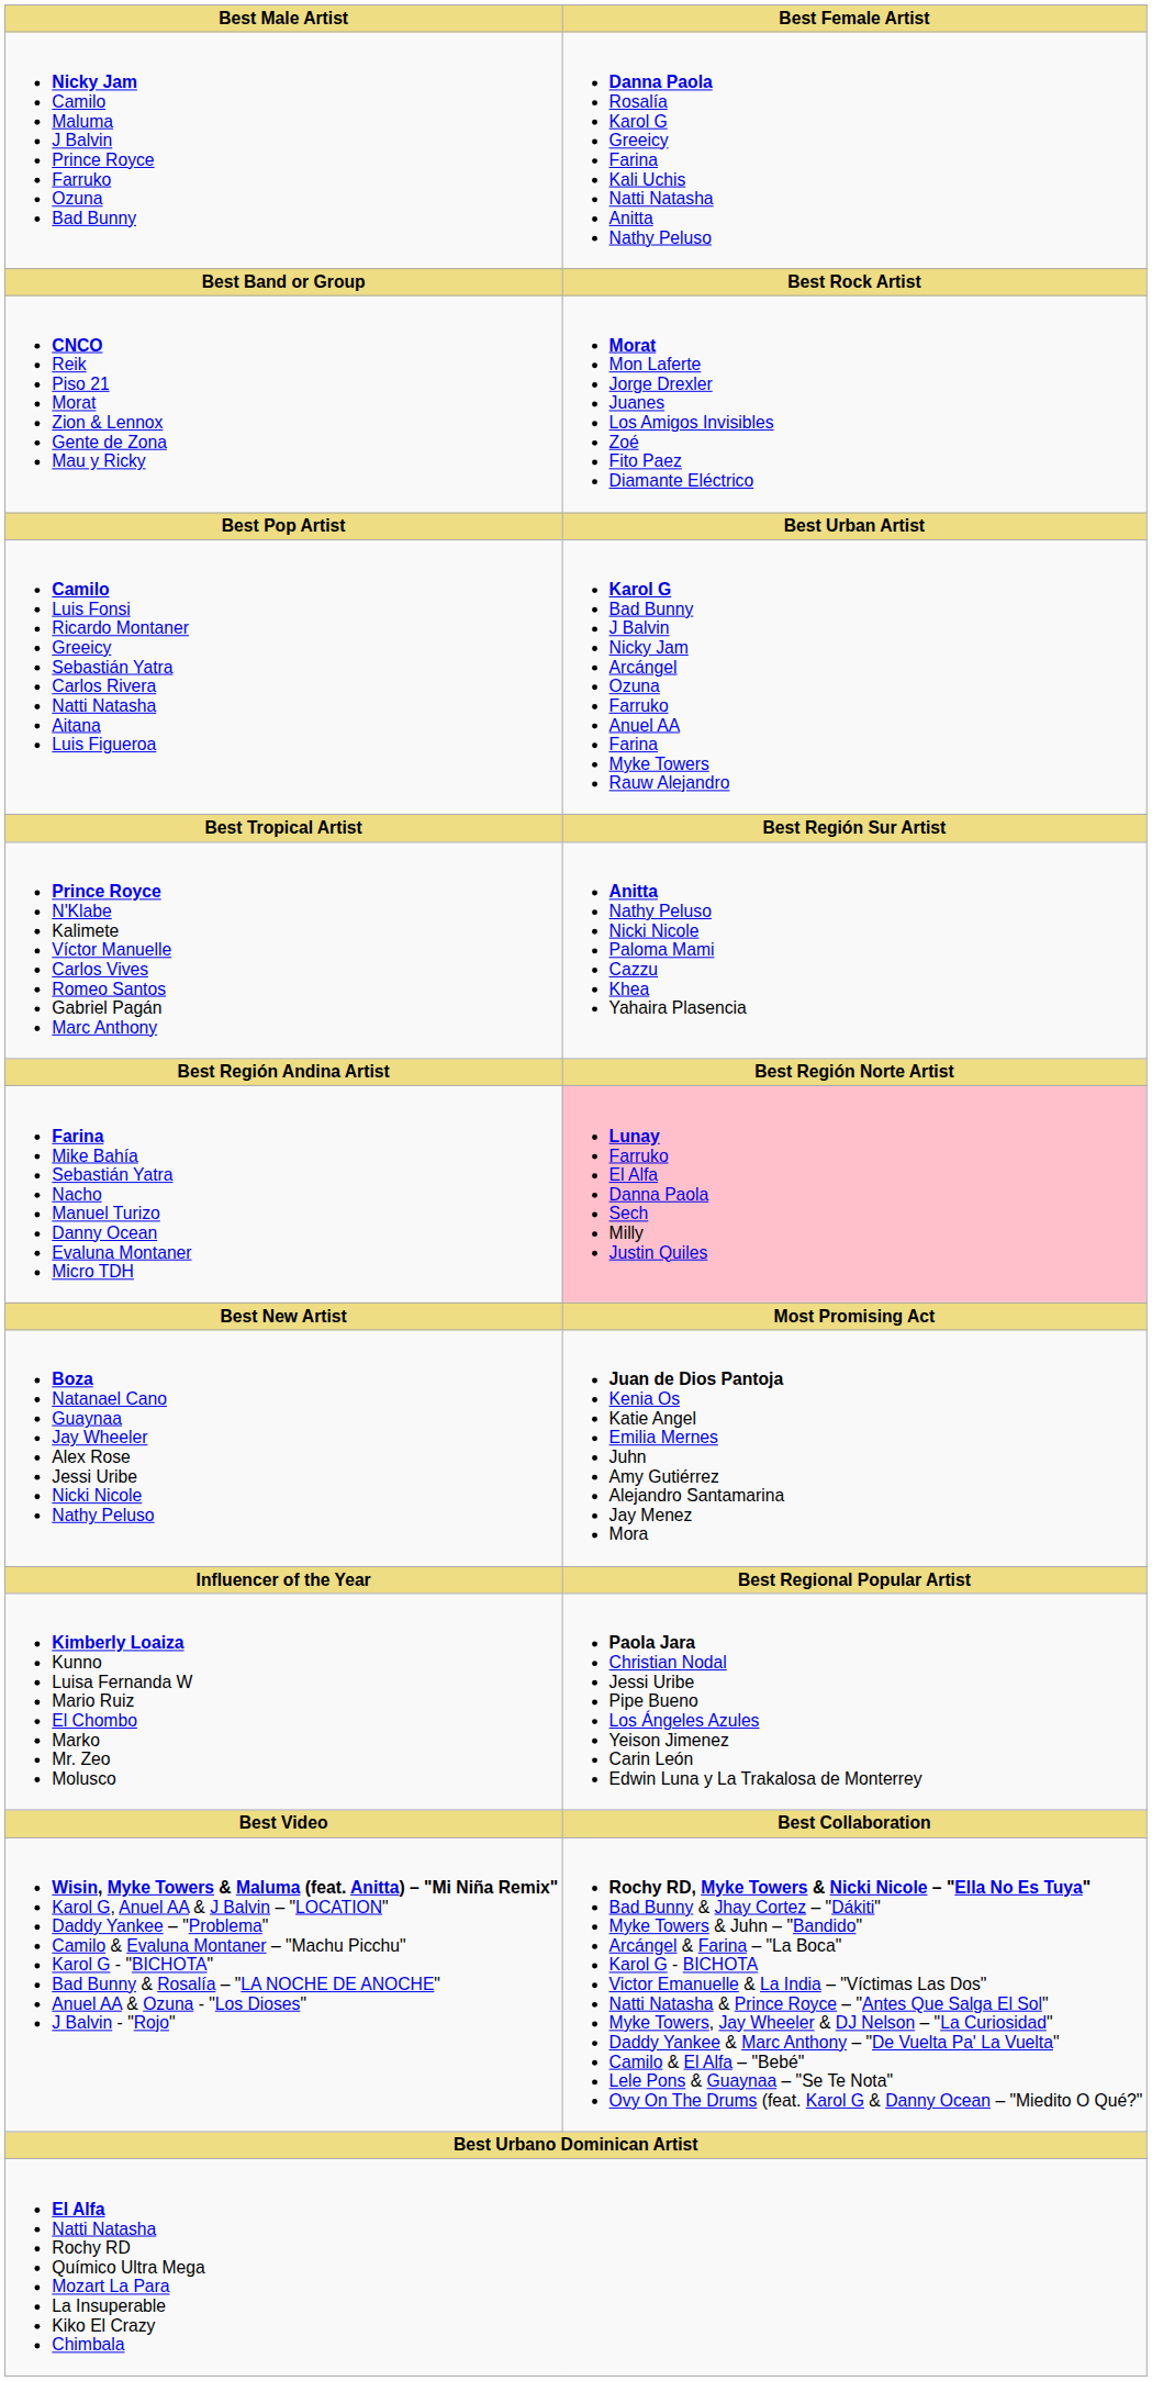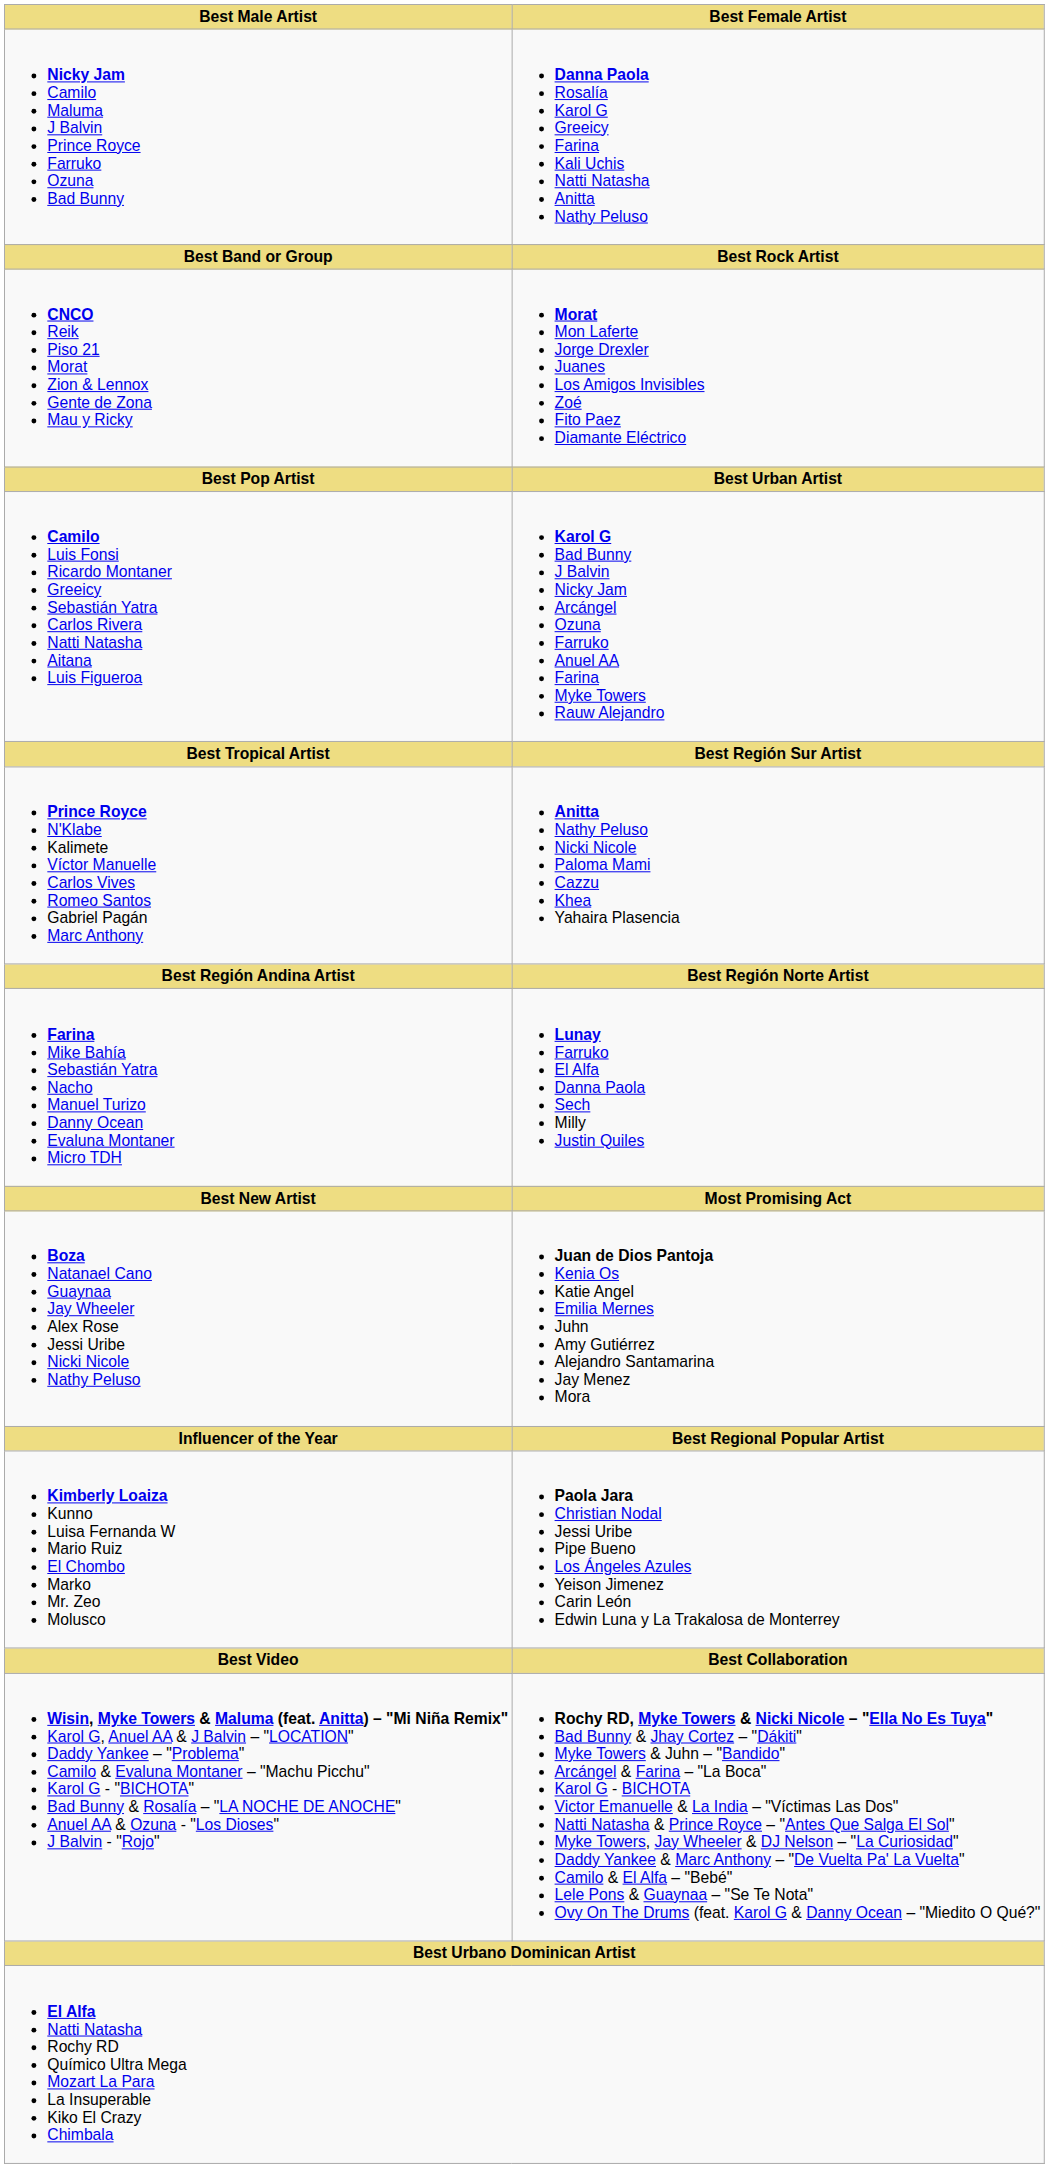 <table class=wikitable>
 <tr>
 <th style="background:#EEDD82; width=50%">Best Male Artist</th>
 <th style="background:#EEDD82; width=50%">Best Female Artist</th>
 </tr>
 <tr>
 <td valign="top"><br><ul><li><strong><a href='#'>Nicky Jam</a></strong></li><li><a href='#'>Camilo</a></li><li><a href='#'>Maluma</a></li><li><a href='#'>J Balvin</a></li><li><a href='#'>Prince Royce</a></li><li><a href='#'>Farruko</a></li><li><a href='#'>Ozuna</a></li><li><a href='#'>Bad Bunny</a></li></ul></td>
 <td valign="top"><br><ul><li><strong><a href='#'>Danna Paola</a></strong></li><li><a href='#'>Rosalía</a></li><li><a href='#'>Karol G</a></li><li><a href='#'>Greeicy</a></li><li><a href='#'>Farina</a></li><li><a href='#'>Kali Uchis</a></li><li><a href='#'>Natti Natasha</a></li><li><a href='#'>Anitta</a></li><li><a href='#'>Nathy Peluso</a></li></ul></td>
 </tr>
 <tr>
 <th style="background:#EEDD82; width=50%">Best Band or Group</th>
 <th style="background:#EEDD82; width=50%">Best Rock Artist</th>
 </tr>
 <tr>
 <td valign="top"><br><ul><li><strong><a href='#'>CNCO</a></strong></li><li><a href='#'>Reik</a></li><li><a href='#'>Piso 21</a></li><li><a href='#'>Morat</a></li><li><a href='#'>Zion & Lennox</a></li><li><a href='#'>Gente de Zona</a></li><li><a href='#'>Mau y Ricky</a></li></ul></td>
 <td valign="top"><br><ul><li><strong><a href='#'>Morat</a></strong></li><li><a href='#'>Mon Laferte</a></li><li><a href='#'>Jorge Drexler</a></li><li><a href='#'>Juanes</a></li><li><a href='#'>Los Amigos Invisibles</a></li><li><a href='#'>Zoé</a></li><li><a href='#'>Fito Paez</a></li><li><a href='#'>Diamante Eléctrico</a></li></ul></td>
 </tr>
 <tr>
 <th style="background:#EEDD82; width=50%">Best Pop Artist</th>
 <th style="background:#EEDD82; width=50%">Best Urban Artist</th>
 </tr>
 <tr>
 <td valign="top"><br><ul><li><strong><a href='#'>Camilo</a></strong></li><li><a href='#'>Luis Fonsi</a></li><li><a href='#'>Ricardo Montaner</a></li><li><a href='#'>Greeicy</a></li><li><a href='#'>Sebastián Yatra</a></li><li><a href='#'>Carlos Rivera</a></li><li><a href='#'>Natti Natasha</a></li><li><a href='#'>Aitana</a></li><li><a href='#'>Luis Figueroa</a></li></ul></td>
 <td valign="top"><br><ul><li><strong><a href='#'>Karol G</a></strong></li><li><a href='#'>Bad Bunny</a></li><li><a href='#'>J Balvin</a></li><li><a href='#'>Nicky Jam</a></li><li><a href='#'>Arcángel</a></li><li><a href='#'>Ozuna</a></li><li><a href='#'>Farruko</a></li><li><a href='#'>Anuel AA</a></li><li><a href='#'>Farina</a></li><li><a href='#'>Myke Towers</a></li><li><a href='#'>Rauw Alejandro</a></li></ul></td>
 </tr>
 <tr>
 <th style="background:#EEDD82; width=50%">Best Tropical Artist</th>
 <th style="background:#EEDD82; width=50%">Best Región Sur Artist</th>
 </tr>
 <tr>
 <td valign="top"><br><ul><li><strong><a href='#'>Prince Royce</a></strong></li><li><a href='#'>N'Klabe</a></li><li>Kalimete</li><li><a href='#'>Víctor Manuelle</a></li><li><a href='#'>Carlos Vives</a></li><li><a href='#'>Romeo Santos</a></li><li>Gabriel Pagán</li><li><a href='#'>Marc Anthony</a></li></ul></td>
 <td valign="top"><br><ul><li><strong><a href='#'>Anitta</a></strong></li><li><a href='#'>Nathy Peluso</a></li><li><a href='#'>Nicki Nicole</a></li><li><a href='#'>Paloma Mami</a></li><li><a href='#'>Cazzu</a></li><li><a href='#'>Khea</a></li><li>Yahaira Plasencia</li></ul></td>
 </tr>
 <tr>
 <th style="background:#EEDD82; width=50%">Best Región Andina Artist</th>
 <th style="background:#EEDD82; width=50%">Best Región Norte Artist</th>
 </tr>
 <tr>
 <td valign="top"><br><ul><li><strong><a href='#'>Farina</a></strong></li><li><a href='#'>Mike Bahía</a></li><li><a href='#'>Sebastián Yatra</a></li><li><a href='#'>Nacho</a></li><li><a href='#'>Manuel Turizo</a></li><li><a href='#'>Danny Ocean</a></li><li><a href='#'>Evaluna Montaner</a></li><li><a href='#'>Micro TDH</a></li></ul></td>
-<td valign="top" style="background: pink;"><br><ul><li><strong><a href='#'>Lunay</a></strong></li><li><a href='#'>Farruko</a></li><li><a href='#'>El Alfa</a></li><li><a href='#'>Danna Paola</a></li><li><a href='#'>Sech</a></li><li>Milly</li><li><a href='#'>Justin Quiles</a></li></ul></td>
+<td valign="top"><br><ul><li><strong><a href='#'>Lunay</a></strong></li><li><a href='#'>Farruko</a></li><li><a href='#'>El Alfa</a></li><li><a href='#'>Danna Paola</a></li><li><a href='#'>Sech</a></li><li>Milly</li><li><a href='#'>Justin Quiles</a></li></ul></td>
 </tr>
 <tr>
 <th style="background:#EEDD82; width=50%">Best New Artist</th>
 <th style="background:#EEDD82; width=50%">Most Promising Act</th>
 </tr>
 <tr>
 <td valign="top"><br><ul><li><strong><a href='#'>Boza</a></strong></li><li><a href='#'>Natanael Cano</a></li><li><a href='#'>Guaynaa</a></li><li><a href='#'>Jay Wheeler</a></li><li>Alex Rose</li><li>Jessi Uribe</li><li><a href='#'>Nicki Nicole</a></li><li><a href='#'>Nathy Peluso</a></li></ul></td>
 <td valign="top"><br><ul><li><strong>Juan de Dios Pantoja</strong></li><li><a href='#'>Kenia Os</a></li><li>Katie Angel</li><li><a href='#'>Emilia Mernes</a></li><li>Juhn</li><li>Amy Gutiérrez</li><li>Alejandro Santamarina</li><li>Jay Menez</li><li>Mora</li></ul></td>
 </tr>
 <tr>
 <th style="background:#EEDD82; width=50%">Influencer of the Year</th>
 <th style="background:#EEDD82; width=50%">Best Regional Popular Artist</th>
 </tr>
 <tr>
 <td valign="top"><br><ul><li><strong><a href='#'>Kimberly Loaiza</a></strong></li><li>Kunno</li><li>Luisa Fernanda W</li><li>Mario Ruiz</li><li><a href='#'>El Chombo</a></li><li>Marko</li><li>Mr. Zeo</li><li>Molusco</li></ul></td>
 <td valign="top"><br><ul><li><strong>Paola Jara</strong></li><li><a href='#'>Christian Nodal</a></li><li>Jessi Uribe</li><li>Pipe Bueno</li><li><a href='#'>Los Ángeles Azules</a></li><li>Yeison Jimenez</li><li>Carin León</li><li>Edwin Luna y La Trakalosa de Monterrey</li></ul></td>
 </tr>
 <tr>
 <th style="background:#EEDD82; width=50%">Best Video</th>
 <th style="background:#EEDD82; width=50%">Best Collaboration</th>
 </tr>
 <tr>
 <td valign="top"><br><ul><li><strong><a href='#'>Wisin</a>, <a href='#'>Myke Towers</a> & <a href='#'>Maluma</a> (feat. <a href='#'>Anitta</a>) – "Mi Niña Remix"</strong></li><li><a href='#'>Karol G</a>, <a href='#'>Anuel AA</a> & <a href='#'>J Balvin</a> – "<a href='#'>LOCATION</a>"</li><li><a href='#'>Daddy Yankee</a> – "<a href='#'>Problema</a>"</li><li><a href='#'>Camilo</a> & <a href='#'>Evaluna Montaner</a> – "Machu Picchu"</li><li><a href='#'>Karol G</a> - "<a href='#'>BICHOTA</a>"</li><li><a href='#'>Bad Bunny</a> & <a href='#'>Rosalía</a> – "<a href='#'>LA NOCHE DE ANOCHE</a>"</li><li><a href='#'>Anuel AA</a> & <a href='#'>Ozuna</a> - "<a href='#'>Los Dioses</a>"</li><li><a href='#'>J Balvin</a> - "<a href='#'>Rojo</a>"</li></ul></td>
 <td valign="top"><br><ul><li><strong>Rochy RD, <a href='#'>Myke Towers</a> & <a href='#'>Nicki Nicole</a> – "<a href='#'>Ella No Es Tuya</a>"</strong></li><li><a href='#'>Bad Bunny</a> & <a href='#'>Jhay Cortez</a> – "<a href='#'>Dákiti</a>"</li><li><a href='#'>Myke Towers</a> & Juhn – "<a href='#'>Bandido</a>"</li><li><a href='#'>Arcángel</a> & <a href='#'>Farina</a> – "La Boca"</li><li><a href='#'>Karol G</a> - <a href='#'>BICHOTA</a></li><li><a href='#'>Victor Emanuelle</a> & <a href='#'>La India</a> – "Víctimas Las Dos"</li><li><a href='#'>Natti Natasha</a> & <a href='#'>Prince Royce</a> – "<a href='#'>Antes Que Salga El Sol</a>"</li><li><a href='#'>Myke Towers</a>, <a href='#'>Jay Wheeler</a> & <a href='#'>DJ Nelson</a> – "<a href='#'>La Curiosidad</a>"</li><li><a href='#'>Daddy Yankee</a> & <a href='#'>Marc Anthony</a> – "<a href='#'>De Vuelta Pa' La Vuelta</a>"</li><li><a href='#'>Camilo</a> & <a href='#'>El Alfa</a> – "Bebé"</li><li><a href='#'>Lele Pons</a> & <a href='#'>Guaynaa</a> – "Se Te Nota"</li><li><a href='#'>Ovy On The Drums</a> (feat. <a href='#'>Karol G</a> & <a href='#'>Danny Ocean</a> – "Miedito O Qué?"</li></ul></td>
 </tr>
 <tr>
 <th style="background:#EEDD82; width=50%" colspan="2">Best Urbano Dominican Artist</th>
 </tr>
 <tr>
 <td valign="top" colspan="2"><br><ul><li><strong><a href='#'>El Alfa</a></strong></li><li><a href='#'>Natti Natasha</a></li><li>Rochy RD</li><li>Químico Ultra Mega</li><li><a href='#'>Mozart La Para</a></li><li>La Insuperable</li><li>Kiko El Crazy</li><li><a href='#'>Chimbala</a></li></ul></td>
 </tr>
 </table>
